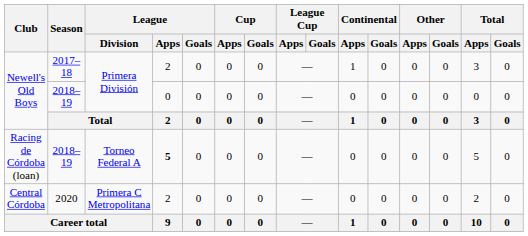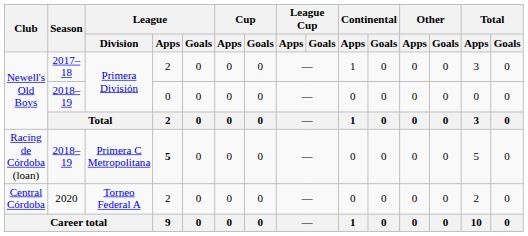 <table class="wikitable" style="text-align:center">
 <tr>
 <th rowspan="2">Club</th>
 <th rowspan="2">Season</th>
 <th colspan="3">League</th>
 <th colspan="2">Cup</th>
 <th colspan="2">League Cup</th>
 <th colspan="2">Continental</th>
 <th colspan="2">Other</th>
 <th colspan="2">Total</th>
 </tr>
 <tr>
 <th>Division</th>
 <th>Apps</th>
 <th>Goals</th>
 <th>Apps</th>
 <th>Goals</th>
 <th>Apps</th>
 <th>Goals</th>
 <th>Apps</th>
 <th>Goals</th>
 <th>Apps</th>
 <th>Goals</th>
 <th>Apps</th>
 <th>Goals</th>
 </tr>
 <tr>
 <td rowspan="3"><a href='#'>Newell's Old Boys</a></td>
 <td><a href='#'>2017–18</a></td>
 <td rowspan="2"><a href='#'>Primera División</a></td>
 <td>2</td>
 <td>0</td>
 <td>0</td>
 <td>0</td>
 <td colspan="2">—</td>
 <td>1</td>
 <td>0</td>
 <td>0</td>
 <td>0</td>
 <td>3</td>
 <td>0</td>
 </tr>
 <tr>
 <td><a href='#'>2018–19</a></td>
 <td>0</td>
 <td>0</td>
 <td>0</td>
 <td>0</td>
 <td colspan="2">—</td>
 <td>0</td>
 <td>0</td>
 <td>0</td>
 <td>0</td>
 <td>0</td>
 <td>0</td>
 </tr>
 <tr>
 <th colspan="2">Total</th>
 <th>2</th>
 <th>0</th>
 <th>0</th>
 <th>0</th>
 <th colspan="2">—</th>
 <th>1</th>
 <th>0</th>
 <th>0</th>
 <th>0</th>
 <th>3</th>
 <th>0</th>
 </tr>
 <tr>
 <td rowspan="1"><a href='#'>Racing de Córdoba</a> (loan)</td>
 <td><a href='#'>2018–19</a></td>
-<td rowspan="1"><a href='#'>Torneo Federal A</a></td>
+<td rowspan="1"><a href='#'>Primera C Metropolitana</a></td>
 <td><strong>5</strong></td>
 <td>0</td>
 <td>0</td>
 <td>0</td>
 <td colspan="2">—</td>
 <td>0</td>
 <td>0</td>
 <td>0</td>
 <td>0</td>
 <td>5</td>
 <td>0</td>
 </tr>
 <tr>
 <td rowspan="1"><a href='#'>Central Córdoba</a></td>
 <td>2020</td>
-<td rowspan="1"><a href='#'>Primera C Metropolitana</a></td>
+<td rowspan="1"><a href='#'>Torneo Federal A</a></td>
 <td>2</td>
 <td>0</td>
 <td>0</td>
 <td>0</td>
 <td colspan="2">—</td>
 <td>0</td>
 <td>0</td>
 <td>0</td>
 <td>0</td>
 <td>2</td>
 <td>0</td>
 </tr>
 <tr>
 <th colspan="3">Career total</th>
 <th>9</th>
 <th>0</th>
 <th>0</th>
 <th>0</th>
 <th colspan="2">—</th>
 <th>1</th>
 <th>0</th>
 <th>0</th>
 <th>0</th>
 <th>10</th>
 <th>0</th>
 </tr>
 </table>
